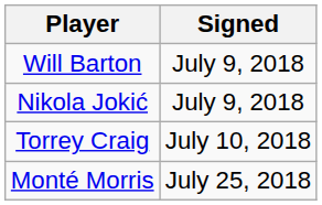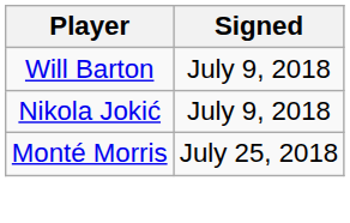 <table class="wikitable sortable sortable">
 <tr>
 <th>Player</th>
 <th>Signed</th>
 </tr>
 <tr style="text-align: center">
 <td><a href='#'>Will Barton</a></td>
 <td>July 9, 2018</td>
 </tr>
 <tr style="text-align: center">
 <td><a href='#'>Nikola Jokić</a></td>
 <td>July 9, 2018</td>
 </tr>
 <tr style="text-align: center">
-<td><a href='#'>Torrey Craig</a></td>
-<td>July 10, 2018</td>
-</tr>
-<tr style="text-align: center">
 <td><a href='#'>Monté Morris</a></td>
 <td>July 25, 2018</td>
 </tr>
 </table>
